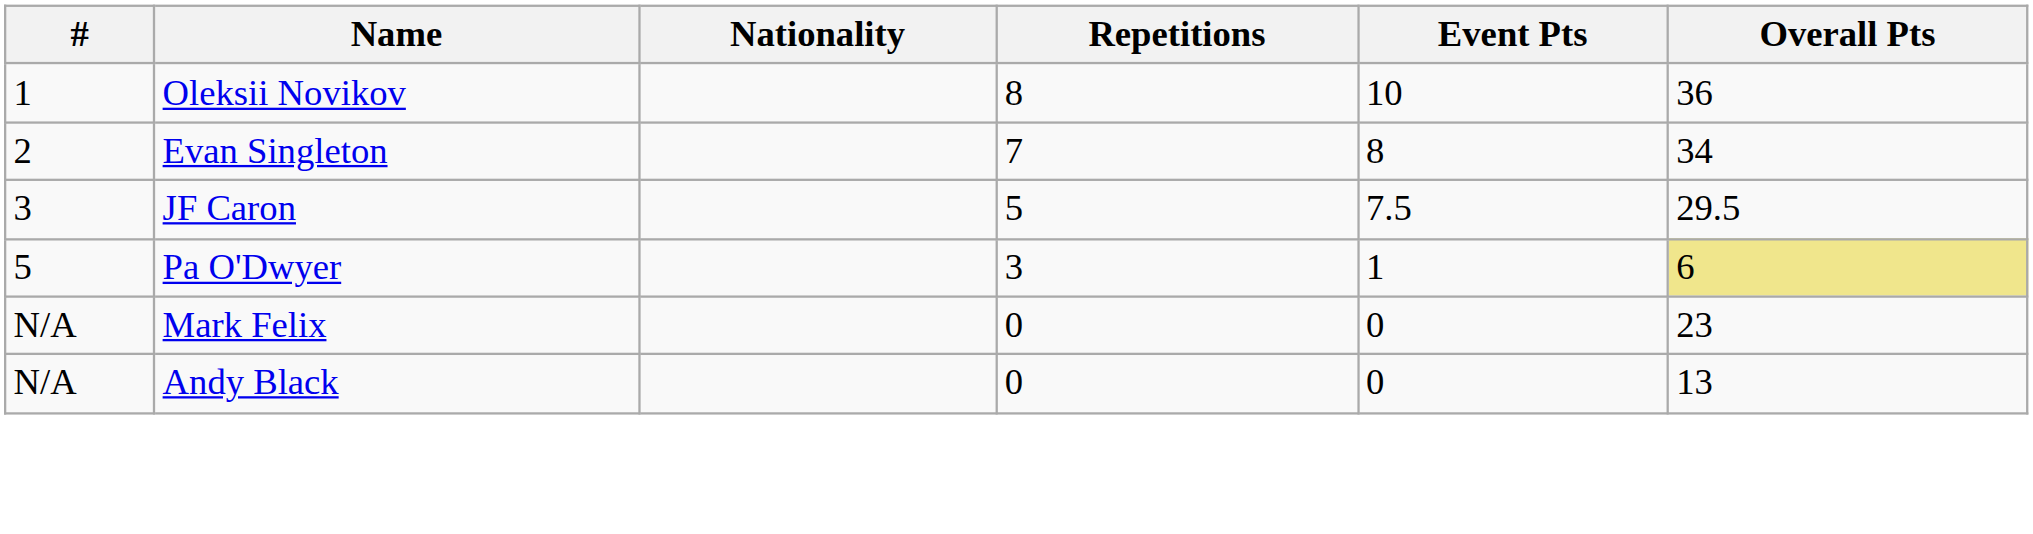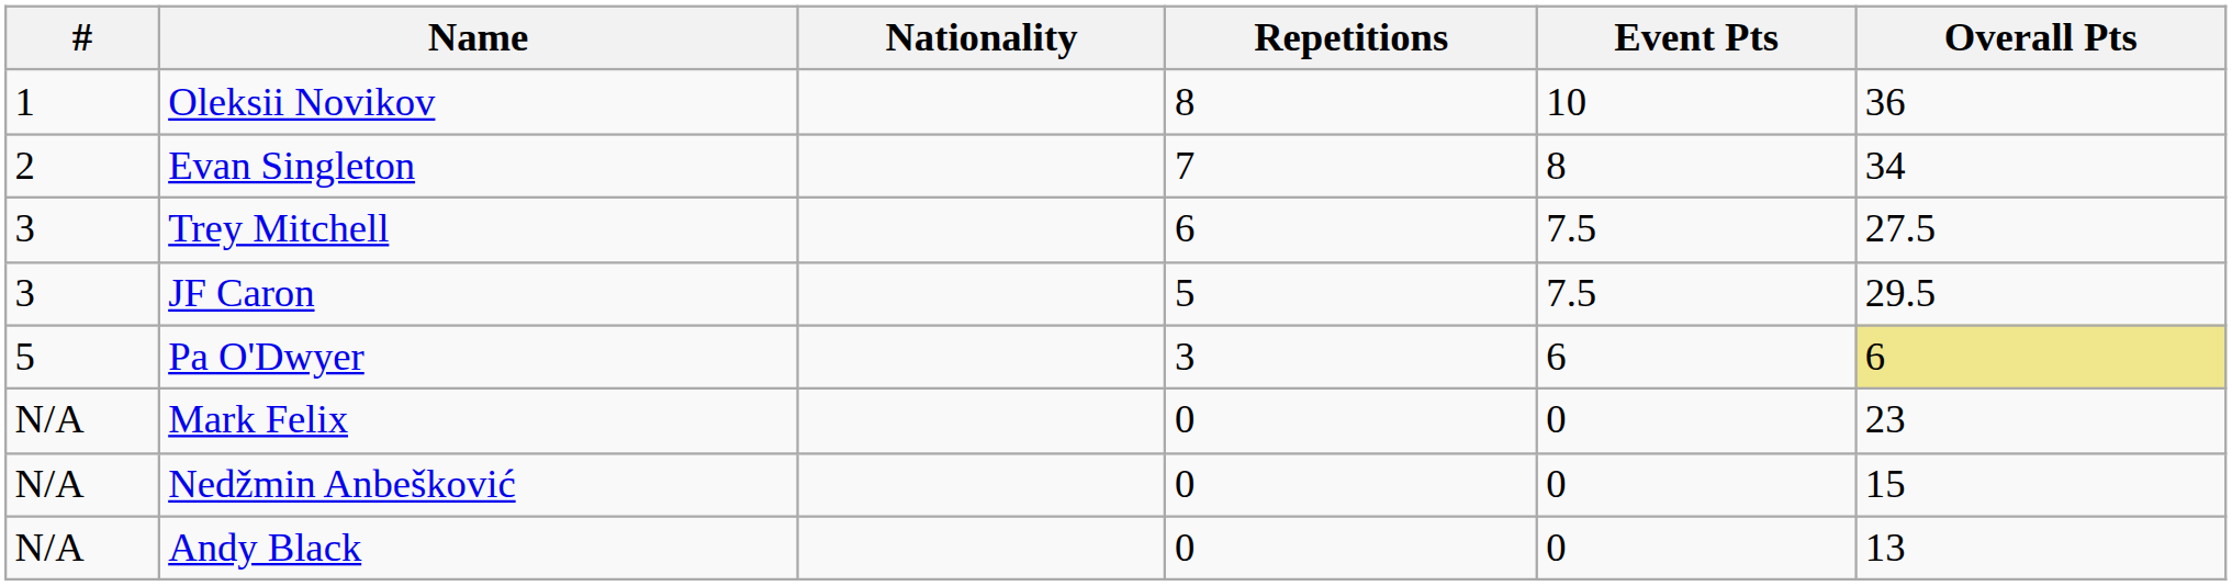 <table class="wikitable sortable" style="display: inline-table;width: 100%;">
 <tr>
 <th>#</th>
 <th>Name</th>
 <th>Nationality</th>
 <th>Repetitions</th>
 <th>Event Pts</th>
 <th>Overall Pts</th>
 </tr>
 <tr>
 <td>1</td>
 <td><a href='#'>Oleksii Novikov</a></td>
 <td></td>
 <td>8</td>
 <td>10</td>
 <td>36</td>
 </tr>
 <tr>
 <td>2</td>
 <td><a href='#'>Evan Singleton</a></td>
 <td></td>
 <td>7</td>
 <td>8</td>
 <td>34</td>
 </tr>
 <tr>
 <td>3</td>
+<td><a href='#'>Trey Mitchell</a></td>
+<td></td>
+<td>6</td>
+<td>7.5</td>
+<td>27.5</td>
+</tr>
+<tr>
+<td>3</td>
 <td><a href='#'>JF Caron</a></td>
 <td></td>
 <td>5</td>
 <td>7.5</td>
 <td>29.5</td>
 </tr>
 <tr>
 <td>5</td>
 <td><a href='#'>Pa O'Dwyer</a></td>
 <td></td>
 <td>3</td>
-<td>1</td>
+<td>6</td>
 <td style="background: khaki;">6</td>
 </tr>
 <tr>
 <td>N/A</td>
 <td><a href='#'>Mark Felix</a></td>
 <td></td>
 <td>0</td>
 <td>0</td>
 <td>23</td>
 </tr>
 <tr>
 <td>N/A</td>
+<td><a href='#'>Nedžmin Anbešković</a></td>
+<td></td>
+<td>0</td>
+<td>0</td>
+<td>15</td>
+</tr>
+<tr>
+<td>N/A</td>
 <td><a href='#'>Andy Black</a></td>
 <td></td>
 <td>0</td>
 <td>0</td>
 <td>13</td>
 </tr>
 </table>
